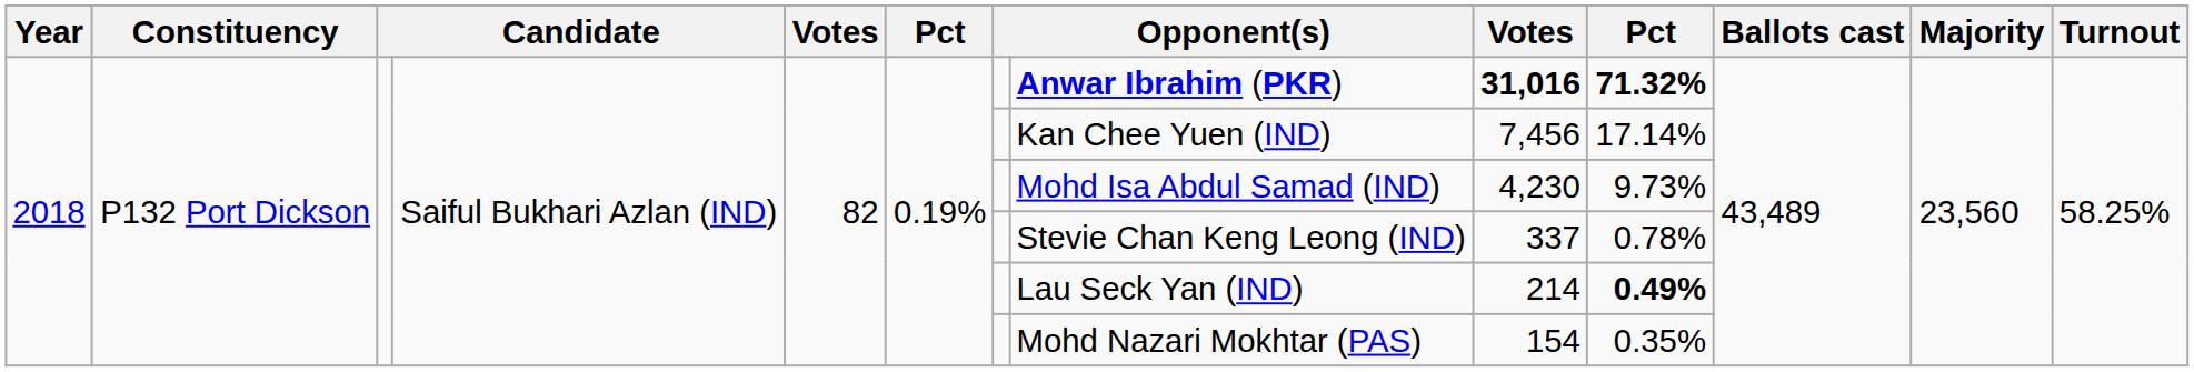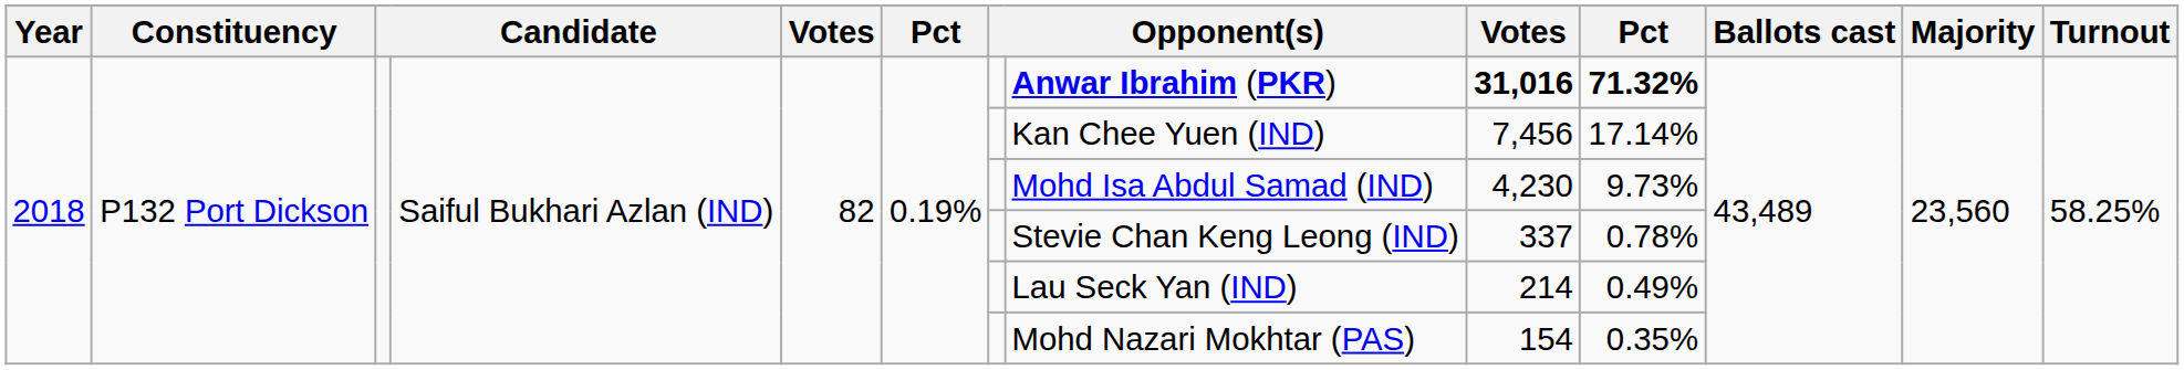 <table class="wikitable" style="margin:0.5em ; font-size:95%">
 <tr>
 <th>Year</th>
 <th>Constituency</th>
 <th colspan=2>Candidate</th>
 <th>Votes</th>
 <th>Pct</th>
 <th colspan=2>Opponent(s)</th>
 <th>Votes</th>
 <th>Pct</th>
 <th>Ballots cast</th>
 <th>Majority</th>
 <th>Turnout</th>
 </tr>
 <tr>
 <td rowspan=6><a href='#'>2018</a></td>
 <td rowspan=6>P132 <a href='#'>Port Dickson</a></td>
 <td rowspan=6 ></td>
 <td rowspan=6>Saiful Bukhari Azlan (<a href='#'>IND</a>)</td>
 <td rowspan=6 align="right">82</td>
 <td rowspan=6 align=right>0.19%</td>
 <td></td>
 <td><strong><a href='#'>Anwar Ibrahim</a></strong> (<a href='#'><strong>PKR</strong></a>)</td>
 <td align="right"><strong>31,016</strong></td>
 <td><strong>71.32%</strong></td>
 <td rowspan=6>43,489</td>
 <td rowspan=6>23,560</td>
 <td rowspan=6>58.25%</td>
 </tr>
 <tr>
 <td></td>
 <td>Kan Chee Yuen (<a href='#'>IND</a>)</td>
 <td align="right">7,456</td>
 <td>17.14%</td>
 </tr>
 <tr>
 <td></td>
 <td><a href='#'>Mohd Isa Abdul Samad</a> (<a href='#'>IND</a>)</td>
 <td align="right">4,230</td>
 <td align=right>9.73%</td>
 </tr>
 <tr>
 <td></td>
 <td>Stevie Chan Keng Leong (<a href='#'>IND</a>)</td>
 <td align="right">337</td>
 <td align=right>0.78%</td>
 </tr>
 <tr>
 <td></td>
 <td>Lau Seck Yan (<a href='#'>IND</a>)</td>
 <td align="right">214</td>
-<td align=right><strong>0.49%</strong></td>
+<td align=right>0.49%</td>
 </tr>
 <tr>
 <td></td>
 <td>Mohd Nazari Mokhtar (<a href='#'>PAS</a>)</td>
 <td align="right">154</td>
 <td align=right>0.35%</td>
 </tr>
 </table>
